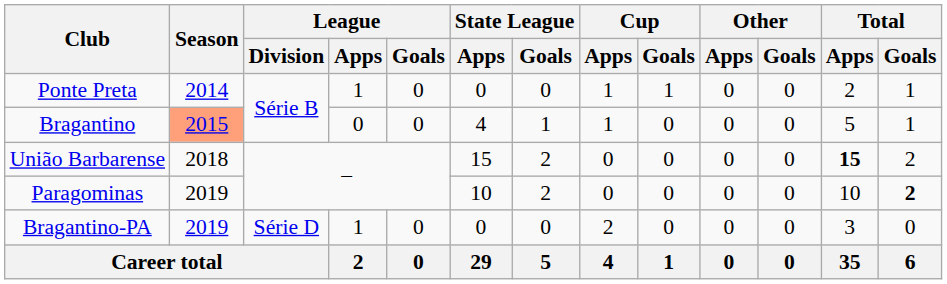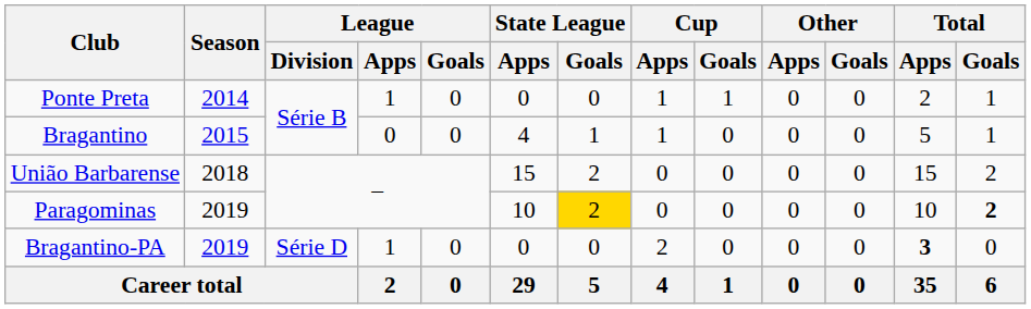 <table class="wikitable" style="text-align: center">
 <tr>
 <th rowspan="2">Club</th>
 <th rowspan="2">Season</th>
 <th colspan="3">League</th>
 <th colspan="2">State League</th>
 <th colspan="2">Cup</th>
 <th colspan="2">Other</th>
 <th colspan="2">Total</th>
 </tr>
 <tr>
 <th>Division</th>
 <th>Apps</th>
 <th>Goals</th>
 <th>Apps</th>
 <th>Goals</th>
 <th>Apps</th>
 <th>Goals</th>
 <th>Apps</th>
 <th>Goals</th>
 <th>Apps</th>
 <th>Goals</th>
 </tr>
 <tr>
 <td><a href='#'>Ponte Preta</a></td>
 <td><a href='#'>2014</a></td>
 <td rowspan="2"><a href='#'>Série B</a></td>
 <td>1</td>
 <td>0</td>
 <td>0</td>
 <td>0</td>
 <td>1</td>
 <td>1</td>
 <td>0</td>
 <td>0</td>
 <td>2</td>
 <td>1</td>
 </tr>
 <tr>
 <td><a href='#'>Bragantino</a></td>
-<td style="background: lightsalmon;"><a href='#'>2015</a></td>
+<td><a href='#'>2015</a></td>
 <td>0</td>
 <td>0</td>
 <td>4</td>
 <td>1</td>
 <td>1</td>
 <td>0</td>
 <td>0</td>
 <td>0</td>
 <td>5</td>
 <td>1</td>
 </tr>
 <tr>
 <td><a href='#'>União Barbarense</a></td>
 <td>2018</td>
 <td colspan="3" rowspan="2">–</td>
 <td>15</td>
 <td>2</td>
 <td>0</td>
 <td>0</td>
 <td>0</td>
 <td>0</td>
-<td><strong>15</strong></td>
+<td>15</td>
 <td>2</td>
 </tr>
 <tr>
 <td><a href='#'>Paragominas</a></td>
 <td>2019</td>
 <td>10</td>
-<td>2</td>
+<td style="background: gold;">2</td>
 <td>0</td>
 <td>0</td>
 <td>0</td>
 <td>0</td>
 <td>10</td>
 <td><strong>2</strong></td>
 </tr>
 <tr>
 <td><a href='#'>Bragantino-PA</a></td>
 <td><a href='#'>2019</a></td>
 <td><a href='#'>Série D</a></td>
 <td>1</td>
 <td>0</td>
 <td>0</td>
 <td>0</td>
 <td>2</td>
 <td>0</td>
 <td>0</td>
 <td>0</td>
-<td>3</td>
+<td><strong>3</strong></td>
 <td>0</td>
 </tr>
 <tr>
 <th colspan="3"><strong>Career total</strong></th>
 <th>2</th>
 <th>0</th>
 <th>29</th>
 <th>5</th>
 <th>4</th>
 <th>1</th>
 <th>0</th>
 <th>0</th>
 <th>35</th>
 <th>6</th>
 </tr>
 </table>
